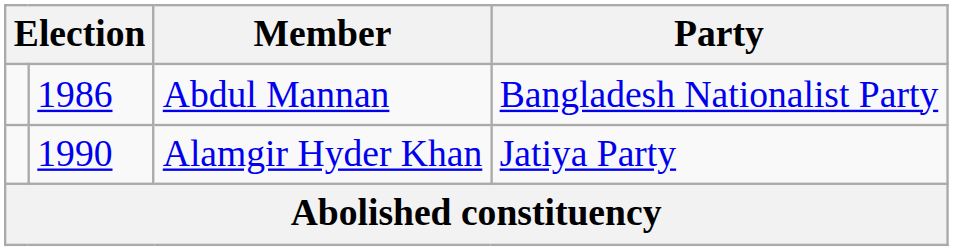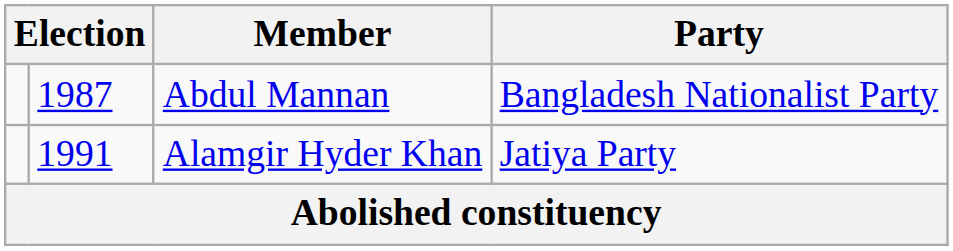 <table class="wikitable">
 <tr>
 <th colspan="2">Election</th>
 <th>Member</th>
 <th>Party</th>
 </tr>
 <tr>
 <td style="background-color:"></td>
-<td><a href='#'>1986</a></td>
+<td><a href='#'>1987</a></td>
 <td><a href='#'>Abdul Mannan</a></td>
 <td><a href='#'>Bangladesh Nationalist Party</a></td>
 </tr>
 <tr>
 <td style="background-color:"></td>
-<td><a href='#'>1990</a></td>
+<td><a href='#'>1991</a></td>
 <td><a href='#'>Alamgir Hyder Khan</a></td>
 <td><a href='#'>Jatiya Party</a></td>
 </tr>
 <tr>
 <th colspan="4">Abolished constituency</th>
 </tr>
 </table>
